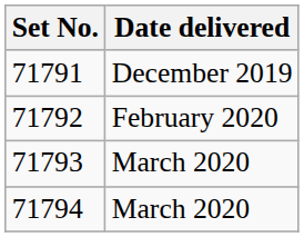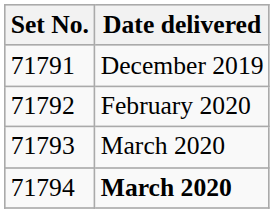 <table class="wikitable">
 <tr>
 <th>Set No.</th>
 <th>Date delivered</th>
 </tr>
 <tr>
 <td>71791</td>
 <td>December 2019</td>
 </tr>
 <tr>
 <td>71792</td>
 <td>February 2020</td>
 </tr>
 <tr>
 <td>71793</td>
 <td>March 2020</td>
 </tr>
 <tr>
 <td>71794</td>
-<td>March 2020</td>
+<td><strong>March 2020</strong></td>
 </tr>
 </table>
